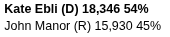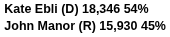 <table>
 <tr>
 <td><strong>Kate Ebli (D) 18,346 54%</strong></td>
 </tr>
 <tr>
-<td>John Manor (R) 15,930 45%</td>
+<td><strong>John Manor (R) 15,930 45%</strong></td>
 </tr>
 </table>
